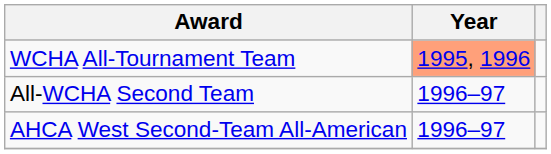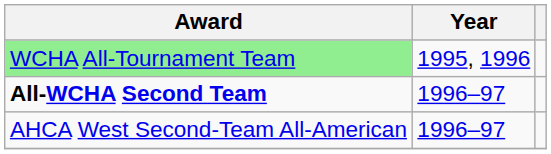 <table class="wikitable">
 <tr>
 <th>Award</th>
 <th>Year</th>
 <th></th>
 </tr>
 <tr>
-<td><a href='#'>WCHA</a> <a href='#'>All-Tournament Team</a></td>
-<td style="background: lightsalmon;"><a href='#'>1995</a>, <a href='#'>1996</a></td>
+<td style="background: lightgreen;"><a href='#'>WCHA</a> <a href='#'>All-Tournament Team</a></td>
+<td><a href='#'>1995</a>, <a href='#'>1996</a></td>
 <td></td>
 </tr>
 <tr>
-<td>All-<a href='#'>WCHA</a> <a href='#'>Second Team</a></td>
+<td><strong>All-<a href='#'>WCHA</a> <a href='#'>Second Team</a></strong></td>
 <td><a href='#'>1996–97</a></td>
 <td></td>
 </tr>
 <tr>
 <td><a href='#'>AHCA</a> <a href='#'>West Second-Team All-American</a></td>
 <td><a href='#'>1996–97</a></td>
 <td></td>
 </tr>
 <tr>
 </tr>
 </table>
